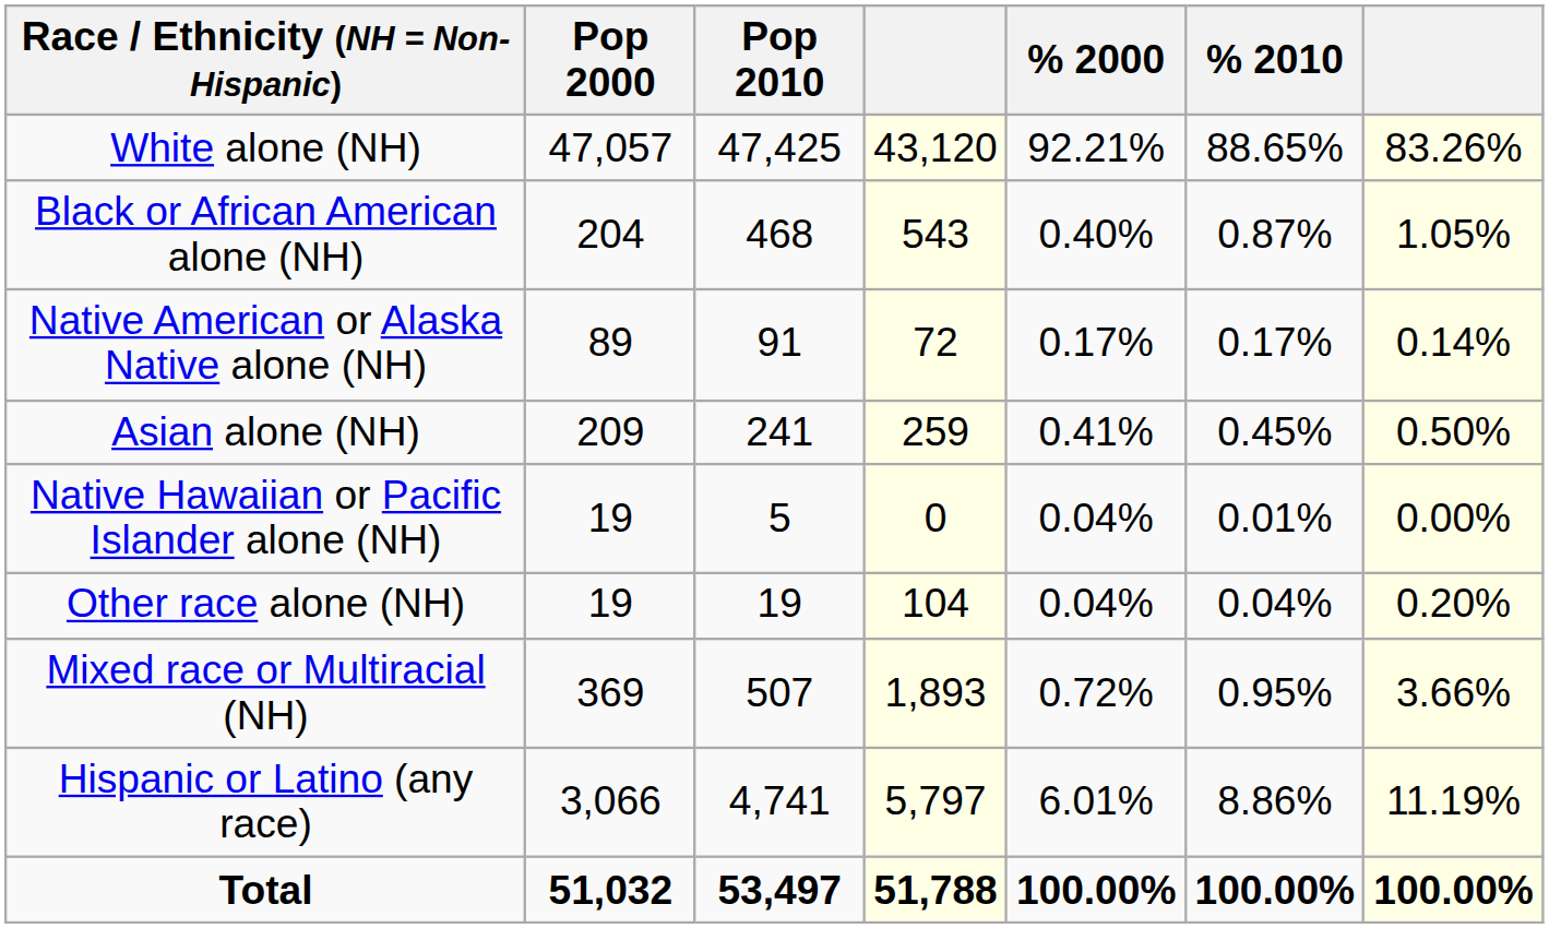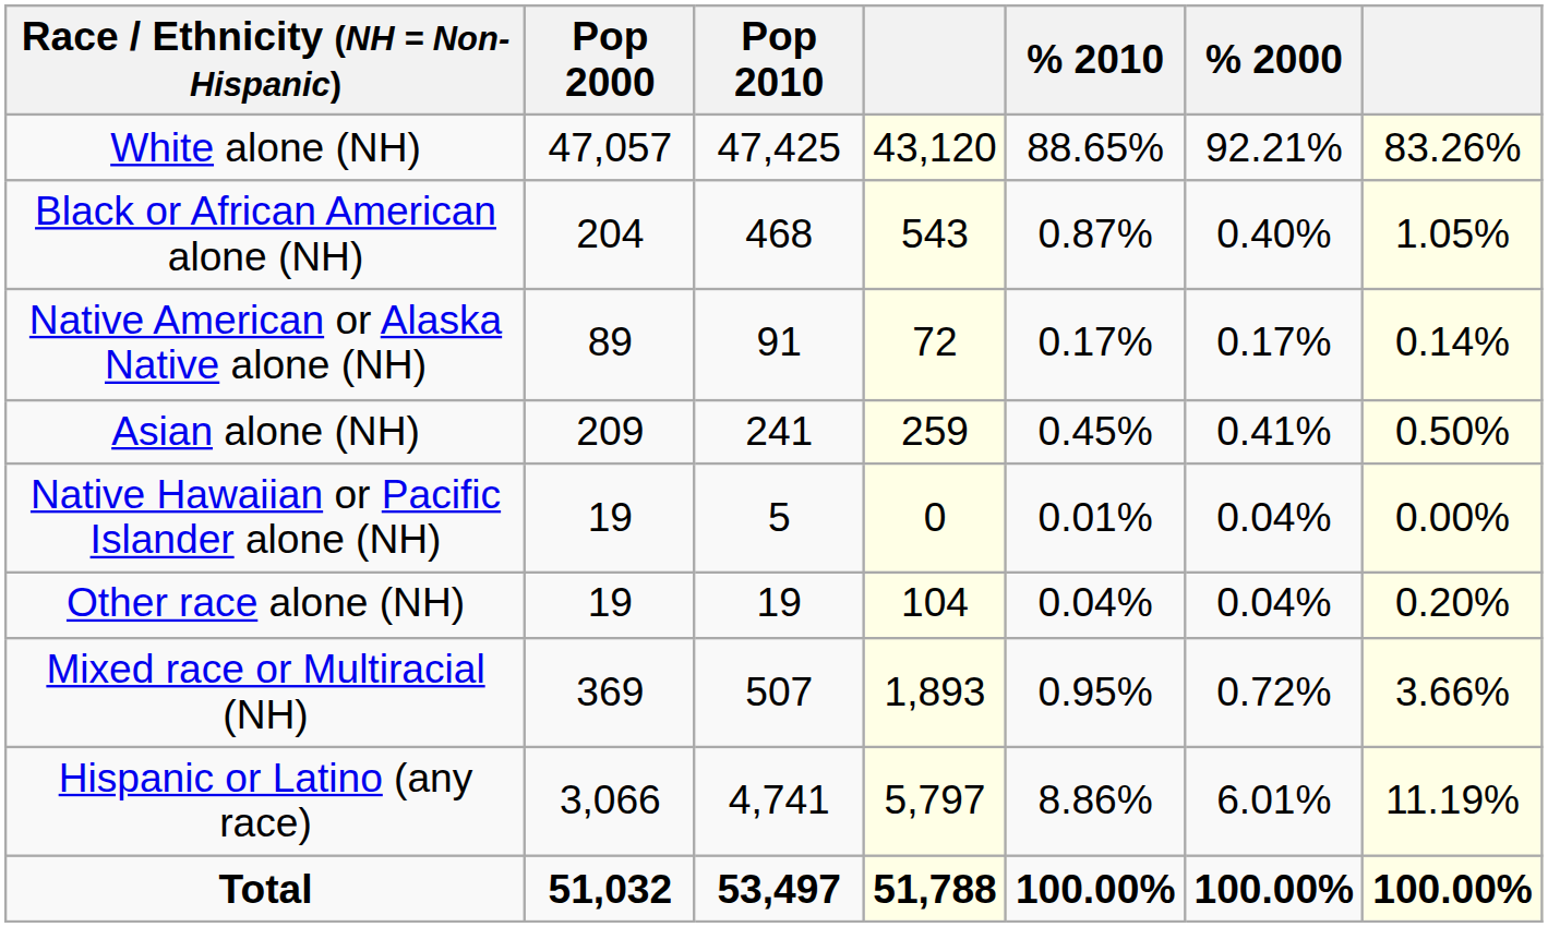 <table class="wikitable" style="text-align:center;">
 <tr>
 <th>Race / Ethnicity <small>(<em>NH = Non-Hispanic</em>)</small></th>
 <th>Pop 2000</th>
 <th>Pop 2010</th>
 <th></th>
+<th>% 2010</th>
 <th>% 2000</th>
-<th>% 2010</th>
 <th></th>
 </tr>
 <tr>
 <td><a href='#'>White</a> alone (NH)</td>
 <td>47,057</td>
 <td>47,425</td>
 <td style='background: #ffffe6;'>43,120</td>
+<td>88.65%</td>
 <td>92.21%</td>
-<td>88.65%</td>
 <td style='background: #ffffe6;'>83.26%</td>
 </tr>
 <tr>
 <td><a href='#'>Black or African American</a> alone (NH)</td>
 <td>204</td>
 <td>468</td>
 <td style='background: #ffffe6;'>543</td>
+<td>0.87%</td>
 <td>0.40%</td>
-<td>0.87%</td>
 <td style='background: #ffffe6;'>1.05%</td>
 </tr>
 <tr>
 <td><a href='#'>Native American</a> or <a href='#'>Alaska Native</a> alone (NH)</td>
 <td>89</td>
 <td>91</td>
 <td style='background: #ffffe6;'>72</td>
 <td>0.17%</td>
 <td>0.17%</td>
 <td style='background: #ffffe6;'>0.14%</td>
 </tr>
 <tr>
 <td><a href='#'>Asian</a> alone (NH)</td>
 <td>209</td>
 <td>241</td>
 <td style='background: #ffffe6;'>259</td>
+<td>0.45%</td>
 <td>0.41%</td>
-<td>0.45%</td>
 <td style='background: #ffffe6;'>0.50%</td>
 </tr>
 <tr>
 <td><a href='#'>Native Hawaiian</a> or <a href='#'>Pacific Islander</a> alone (NH)</td>
 <td>19</td>
 <td>5</td>
 <td style='background: #ffffe6;'>0</td>
+<td>0.01%</td>
 <td>0.04%</td>
-<td>0.01%</td>
 <td style='background: #ffffe6;'>0.00%</td>
 </tr>
 <tr>
 <td><a href='#'>Other race</a> alone (NH)</td>
 <td>19</td>
 <td>19</td>
 <td style='background: #ffffe6;'>104</td>
 <td>0.04%</td>
 <td>0.04%</td>
 <td style='background: #ffffe6;'>0.20%</td>
 </tr>
 <tr>
 <td><a href='#'>Mixed race or Multiracial</a> (NH)</td>
 <td>369</td>
 <td>507</td>
 <td style='background: #ffffe6;'>1,893</td>
+<td>0.95%</td>
 <td>0.72%</td>
-<td>0.95%</td>
 <td style='background: #ffffe6;'>3.66%</td>
 </tr>
 <tr>
 <td><a href='#'>Hispanic or Latino</a> (any race)</td>
 <td>3,066</td>
 <td>4,741</td>
 <td style='background: #ffffe6;'>5,797</td>
+<td>8.86%</td>
 <td>6.01%</td>
-<td>8.86%</td>
 <td style='background: #ffffe6;'>11.19%</td>
 </tr>
 <tr>
 <td><strong>Total</strong></td>
 <td><strong>51,032</strong></td>
 <td><strong>53,497</strong></td>
 <td style='background: #ffffe6;'><strong>51,788</strong></td>
 <td><strong>100.00%</strong></td>
 <td><strong>100.00%</strong></td>
 <td style='background: #ffffe6;'><strong>100.00%</strong></td>
 </tr>
 </table>
